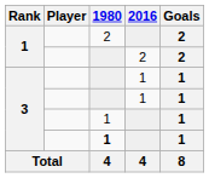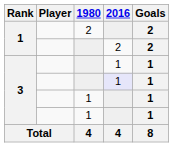 <table class="wikitable sortable" style="text-align:center; font-size:85%">
 <tr>
 <th>Rank</th>
 <th>Player</th>
 <th><a href='#'>1980</a></th>
 <th><a href='#'>2016</a></th>
 <th>Goals</th>
 </tr>
 <tr>
 <th rowspan=2>1</th>
 <td align="left"></td>
 <td>2</td>
 <td colspan=1 bgcolor="#efefef"></td>
 <th>2</th>
 </tr>
 <tr>
 <td align="left"></td>
 <td bgcolor="#efefef"></td>
 <td>2</td>
 <th>2</th>
 </tr>
 <tr>
 <th rowspan=4>3</th>
 <td align="left"></td>
 <td bgcolor="#efefef"></td>
 <td>1</td>
 <th>1</th>
 </tr>
 <tr>
 <td align="left"></td>
 <td bgcolor="#efefef"></td>
-<td>1</td>
+<td style="background: lavender;">1</td>
 <th>1</th>
 </tr>
 <tr>
 <td align="left"></td>
 <td>1</td>
 <td colspan=1 bgcolor="#efefef"></td>
 <th>1</th>
 </tr>
 <tr>
 <td align="left"></td>
-<td><strong>1</strong></td>
+<td>1</td>
 <td colspan=1 bgcolor="#efefef"></td>
 <th>1</th>
 </tr>
 <tr class="sortbottom">
 <th colspan=2>Total</th>
 <th>4</th>
 <th>4</th>
 <th>8</th>
 </tr>
 </table>
